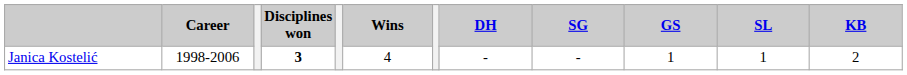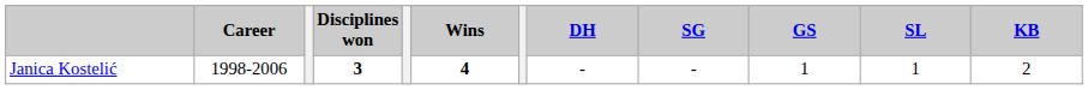 <table class="wikitable plainrowheaders" style="background:#fff; font-size:86%; line-height:16px; border:grey solid 1px; border-collapse:collapse">
 <tr style="background:#ccc; text-align:center;">
 <th style="background-color: #ccc;" width="140"></th>
 <th style="background-color: #ccc;" width="80">Career</th>
 <th rowspan=6></th>
 <th style="background-color: #ccc;" width="40">Disciplines won</th>
 <th rowspan=6></th>
 <th style="background:#ccc; width:10%">Wins</th>
 <th rowspan=6></th>
 <th style="background-color: #ccc;" width="80"><a href='#'>DH</a></th>
 <th style="background-color: #ccc;" width="80"><a href='#'>SG</a></th>
 <th style="background-color: #ccc;" width="80"><a href='#'>GS</a></th>
 <th style="background-color: #ccc;" width="80"><a href='#'>SL</a></th>
 <th style="background-color: #ccc;" width="80"><a href='#'>KB</a></th>
 </tr>
 <tr align=center>
 <td align=left> <a href='#'>Janica Kostelić</a></td>
 <td>1998-2006</td>
 <td><strong>3</strong></td>
-<td>4</td>
+<td><strong>4</strong></td>
 <td>-</td>
 <td>-</td>
 <td>1</td>
 <td>1</td>
 <td>2</td>
 </tr>
 </table>
